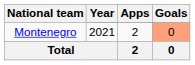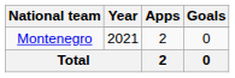 <table class="wikitable" style="text-align:center">
 <tr>
 <th>National team</th>
 <th>Year</th>
 <th>Apps</th>
 <th>Goals</th>
 </tr>
 <tr>
 <td rowspan="2"><a href='#'>Montenegro</a></td>
 </tr>
 <tr>
 <td>2021</td>
 <td>2</td>
-<td style="background: lightsalmon;">0</td>
+<td>0</td>
 </tr>
 <tr>
 <th colspan=2>Total</th>
 <th>2</th>
 <th>0</th>
 </tr>
 </table>
